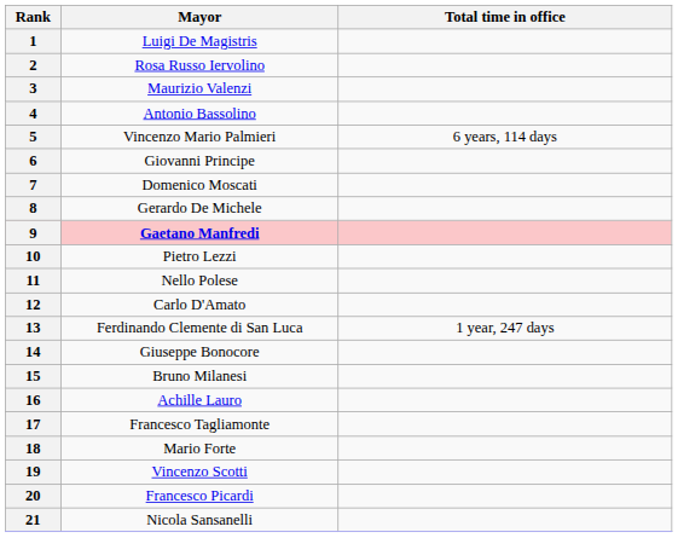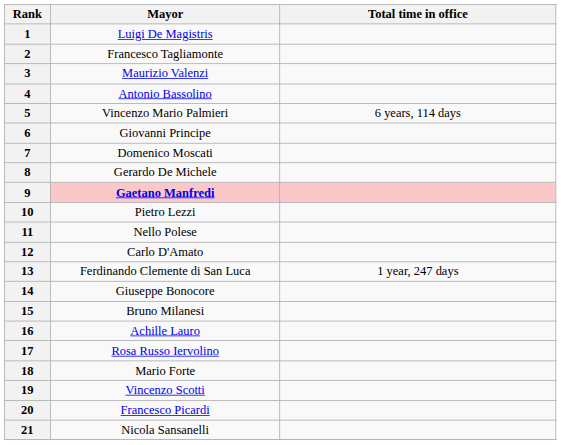 <table class="wikitable" style="text-align:center; width:56%; border:1px #AAAAFF solid">
 <tr>
 <th width=3%>Rank</th>
 <th width=25%>Mayor</th>
 <th width=30%>Total time in office</th>
 </tr>
 <tr>
 <th>1</th>
 <td><a href='#'>Luigi De Magistris</a></td>
 <td></td>
 </tr>
 <tr>
 <th>2</th>
-<td><a href='#'>Rosa Russo Iervolino</a></td>
+<td>Francesco Tagliamonte</td>
 <td></td>
 </tr>
 <tr>
 <th>3</th>
 <td><a href='#'>Maurizio Valenzi</a></td>
 <td></td>
 </tr>
 <tr>
 <th>4</th>
 <td><a href='#'>Antonio Bassolino</a></td>
 <td></td>
 </tr>
 <tr>
 <th>5</th>
 <td>Vincenzo Mario Palmieri</td>
 <td>6 years, 114 days</td>
 </tr>
 <tr>
 <th>6</th>
 <td>Giovanni Principe</td>
 <td></td>
 </tr>
 <tr>
 <th>7</th>
 <td>Domenico Moscati</td>
 <td></td>
 </tr>
 <tr>
 <th>8</th>
 <td>Gerardo De Michele</td>
 <td></td>
 </tr>
 <tr bgcolor="#FBC7C9">
 <th>9</th>
 <td><strong><a href='#'>Gaetano Manfredi</a></strong></td>
 <td><strong></strong></td>
 </tr>
 <tr>
 <th>10</th>
 <td>Pietro Lezzi</td>
 <td></td>
 </tr>
 <tr>
 <th>11</th>
 <td>Nello Polese</td>
 <td></td>
 </tr>
 <tr>
 <th>12</th>
 <td>Carlo D'Amato</td>
 <td></td>
 </tr>
 <tr>
 <th>13</th>
 <td>Ferdinando Clemente di San Luca</td>
 <td>1 year, 247 days</td>
 </tr>
 <tr>
 <th>14</th>
 <td>Giuseppe Bonocore</td>
 <td></td>
 </tr>
 <tr>
 <th>15</th>
 <td>Bruno Milanesi</td>
 <td></td>
 </tr>
 <tr>
 <th>16</th>
 <td><a href='#'>Achille Lauro</a></td>
 <td></td>
 </tr>
 <tr>
 <th>17</th>
-<td>Francesco Tagliamonte</td>
+<td><a href='#'>Rosa Russo Iervolino</a></td>
 <td></td>
 </tr>
 <tr>
 <th>18</th>
 <td>Mario Forte</td>
 <td></td>
 </tr>
 <tr>
 <th>19</th>
 <td><a href='#'>Vincenzo Scotti</a></td>
 <td></td>
 </tr>
 <tr>
 <th>20</th>
 <td><a href='#'>Francesco Picardi</a></td>
 <td></td>
 </tr>
 <tr>
 <th>21</th>
 <td>Nicola Sansanelli</td>
 <td></td>
 </tr>
 <tr>
 </tr>
 </table>
